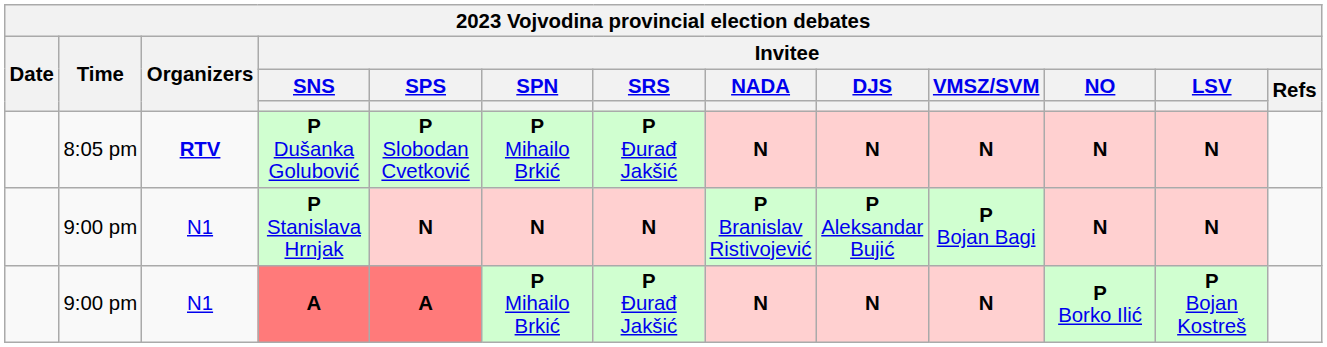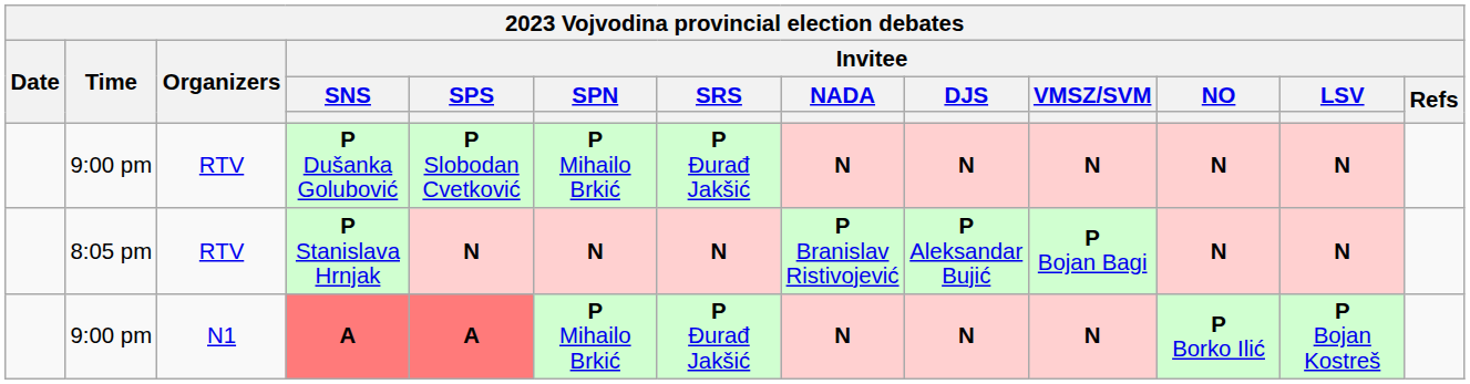 <table class="wikitable" style="font-size:85%; line-height:15px; text-align:center">
 <tr>
 <th colspan="14">2023 Vojvodina provincial election debates</th>
 </tr>
 <tr>
 <th rowspan="3">Date</th>
 <th rowspan="3">Time</th>
 <th rowspan="3">Organizers</th>
 <th colspan="11">      Invitee   </th>
 </tr>
 <tr>
 <th scope="col" style="width:5em"><a href='#'>SNS</a></th>
 <th scope="col" style="width:5em"><a href='#'>SPS</a></th>
 <th scope="col" style="width:5em"><a href='#'>SPN</a></th>
 <th scope="col" style="width:5em"><a href='#'>SRS</a></th>
 <th scope="col" style="width:5em"><a href='#'>NADA</a></th>
 <th scope="col" style="width:5em"><a href='#'>DJS</a></th>
 <th scope="col" style="width:5em"><a href='#'>VMSZ/SVM</a></th>
 <th scope="col" style="width:5em"><a href='#'>NO</a></th>
 <th scope="col" style="width:5em"><a href='#'>LSV</a></th>
 <th rowspan="2">Refs</th>
 </tr>
 <tr>
 <th style="background:"></th>
 <th style="background:"></th>
 <th style="background:"></th>
 <th style="background:"></th>
 <th style="background:"></th>
 <th style="background:"></th>
 <th style="background:"></th>
 <th style="background:"></th>
 <th style="background:"></th>
 </tr>
 <tr>
 <td></td>
-<td>8:05 pm</td>
-<td><strong><a href='#'>RTV</a></strong></td>
+<td>9:00 pm</td>
+<td><a href='#'>RTV</a></td>
 <td style="background:#D0FFD0"><strong>P</strong><br><a href='#'>Dušanka Golubović</a></td>
 <td style="background:#D0FFD0"><strong>P</strong><br><a href='#'>Slobodan Cvetković</a></td>
 <td style="background:#D0FFD0"><strong>P</strong><br><a href='#'>Mihailo Brkić</a></td>
 <td style="background:#D0FFD0"><strong>P</strong><br><a href='#'>Đurađ Jakšić</a></td>
 <td style="background:#FFD0D0"><strong>N</strong></td>
 <td style="background:#FFD0D0"><strong>N</strong></td>
 <td style="background:#FFD0D0"><strong>N</strong></td>
 <td style="background:#FFD0D0"><strong>N</strong></td>
 <td style="background:#FFD0D0"><strong>N</strong></td>
 <td></td>
 </tr>
 <tr>
 <td></td>
-<td>9:00 pm</td>
-<td><a href='#'>N1</a></td>
+<td>8:05 pm</td>
+<td><a href='#'>RTV</a></td>
 <td style="background:#D0FFD0"><strong>P</strong><br><a href='#'>Stanislava Hrnjak</a></td>
 <td style="background:#FFD0D0"><strong>N</strong></td>
 <td style="background:#FFD0D0"><strong>N</strong></td>
 <td style="background:#FFD0D0"><strong>N</strong></td>
 <td style="background:#D0FFD0"><strong>P</strong><br><a href='#'>Branislav Ristivojević</a></td>
 <td style="background:#D0FFD0"><strong>P</strong><br><a href='#'>Aleksandar Bujić</a></td>
 <td style="background:#D0FFD0"><strong>P</strong><br><a href='#'>Bojan Bagi</a></td>
 <td style="background:#FFD0D0"><strong>N</strong></td>
 <td style="background:#FFD0D0"><strong>N</strong></td>
 <td></td>
 </tr>
 <tr>
 <td></td>
 <td>9:00 pm</td>
 <td><a href='#'>N1</a></td>
 <td style="background:#FF7A7A"><strong>A</strong></td>
 <td style="background:#FF7A7A"><strong>A</strong></td>
 <td style="background:#D0FFD0"><strong>P</strong><br><a href='#'>Mihailo Brkić</a></td>
 <td style="background:#D0FFD0"><strong>P</strong><br><a href='#'>Đurađ Jakšić</a></td>
 <td style="background:#FFD0D0"><strong>N</strong></td>
 <td style="background:#FFD0D0"><strong>N</strong></td>
 <td style="background:#FFD0D0"><strong>N</strong></td>
 <td style="background:#D0FFD0"><strong>P</strong><br><a href='#'>Borko Ilić</a></td>
 <td style="background:#D0FFD0"><strong>P</strong><br><a href='#'>Bojan Kostreš</a></td>
 <td></td>
 </tr>
 </table>
